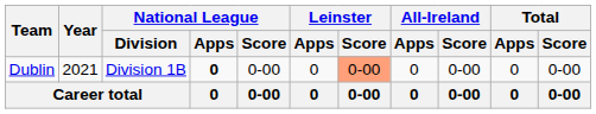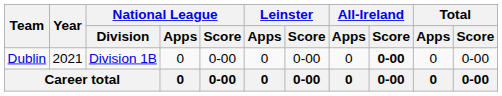 <table class="wikitable" style="text-align:center">
 <tr>
 <th rowspan="2">Team</th>
 <th rowspan="2">Year</th>
 <th colspan="3"><a href='#'>National League</a></th>
 <th colspan="2"><a href='#'>Leinster</a></th>
 <th colspan="2"><a href='#'>All-Ireland</a></th>
 <th colspan="2">Total</th>
 </tr>
 <tr>
 <th>Division</th>
 <th>Apps</th>
 <th>Score</th>
 <th>Apps</th>
 <th>Score</th>
 <th>Apps</th>
 <th>Score</th>
 <th>Apps</th>
 <th>Score</th>
 </tr>
 <tr>
 <td rowspan="1"><a href='#'>Dublin</a></td>
 <td>2021</td>
 <td rowspan="1"><a href='#'>Division 1B</a></td>
-<td><strong>0</strong></td>
+<td>0</td>
 <td>0-00</td>
 <td>0</td>
-<td style="background: lightsalmon;">0-00</td>
+<td>0-00</td>
 <td>0</td>
-<td>0-00</td>
+<td><strong>0-00</strong></td>
 <td>0</td>
 <td>0-00</td>
 </tr>
 <tr>
 <th colspan="3">Career total</th>
 <th>0</th>
 <th>0-00</th>
 <th>0</th>
 <th>0-00</th>
 <th>0</th>
 <th>0-00</th>
 <th>0</th>
 <th>0-00</th>
 </tr>
 </table>
